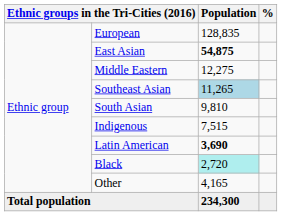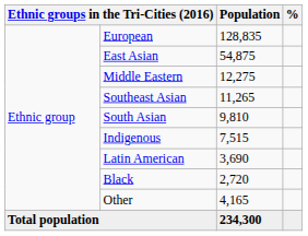 <table class="wikitable">
 <tr>
 <th colspan=2><a href='#'>Ethnic groups</a> in the Tri-Cities (2016)<br></th>
 <th>Population</th>
 <th>%</th>
 </tr>
 <tr>
 <td rowspan=9><a href='#'>Ethnic group</a></td>
 <td><a href='#'>European</a></td>
 <td>128,835</td>
 <td></td>
 </tr>
 <tr>
 <td><a href='#'>East Asian</a></td>
-<td><strong>54,875</strong></td>
+<td>54,875</td>
 <td></td>
 </tr>
 <tr>
 <td><a href='#'>Middle Eastern</a></td>
 <td>12,275</td>
 <td></td>
 </tr>
 <tr>
 <td><a href='#'>Southeast Asian</a></td>
-<td style="background: lightblue;">11,265</td>
+<td>11,265</td>
 <td></td>
 </tr>
 <tr>
 <td><a href='#'>South Asian</a></td>
 <td>9,810</td>
 <td></td>
 </tr>
 <tr>
 <td><a href='#'>Indigenous</a></td>
 <td>7,515</td>
 <td></td>
 </tr>
 <tr>
 <td><a href='#'>Latin American</a></td>
-<td><strong>3,690</strong></td>
+<td>3,690</td>
 <td></td>
 </tr>
 <tr>
 <td><a href='#'>Black</a></td>
-<td style="background: paleturquoise;">2,720</td>
+<td>2,720</td>
 <td></td>
 </tr>
 <tr>
 <td>Other</td>
 <td>4,165</td>
 <td></td>
 </tr>
 <tr style="background:#efefef; font-weight:bold">
 <td colspan=2>Total population</td>
 <td>234,300</td>
 <td></td>
 </tr>
 </table>
